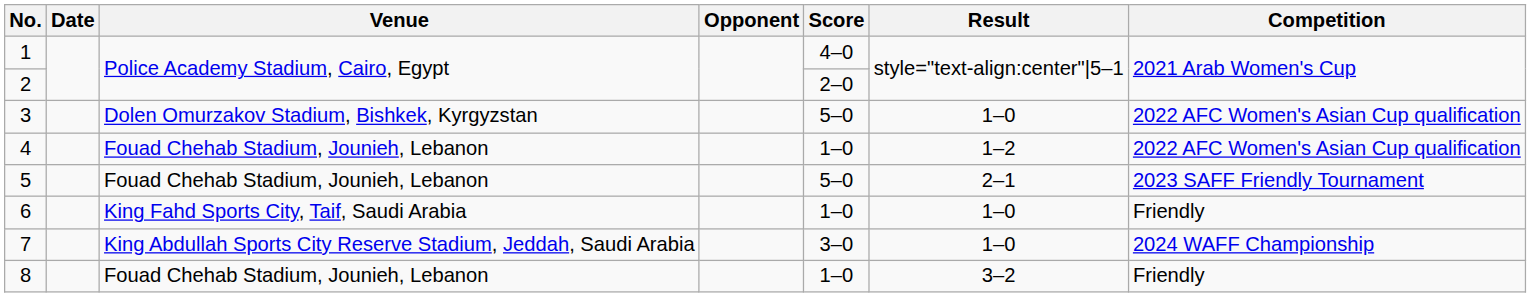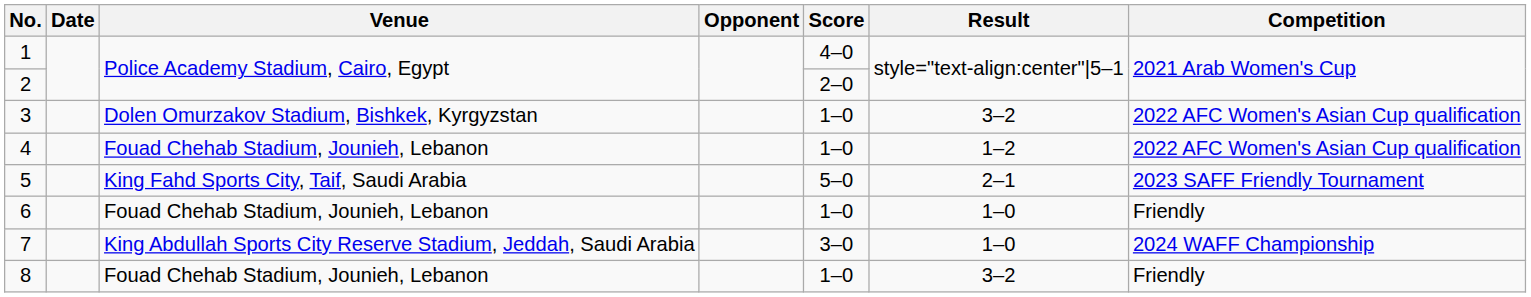 <table class="wikitable sortable">
 <tr>
 <th scope="col">No.</th>
 <th scope="col">Date</th>
 <th scope="col">Venue</th>
 <th scope="col">Opponent</th>
 <th scope="col">Score</th>
 <th scope="col">Result</th>
 <th scope="col">Competition</th>
 </tr>
 <tr>
 <td style="text-align:center">1</td>
 <td rowspan="2"></td>
 <td rowspan="2"><a href='#'>Police Academy Stadium</a>, <a href='#'>Cairo</a>, Egypt</td>
 <td rowspan="2"></td>
 <td style="text-align:center">4–0</td>
 <td rowspan="2">style="text-align:center"|5–1</td>
 <td rowspan="2"><a href='#'>2021 Arab Women's Cup</a></td>
 </tr>
 <tr>
 <td style="text-align:center">2</td>
 <td style="text-align:center">2–0</td>
 </tr>
 <tr>
 <td style="text-align:center">3</td>
 <td></td>
 <td><a href='#'>Dolen Omurzakov Stadium</a>, <a href='#'>Bishkek</a>, Kyrgyzstan</td>
 <td></td>
-<td style="text-align:center">5–0</td>
 <td style="text-align:center">1–0</td>
+<td style="text-align:center">3–2</td>
 <td><a href='#'>2022 AFC Women's Asian Cup qualification</a></td>
 </tr>
 <tr>
 <td style="text-align:center">4</td>
 <td></td>
 <td><a href='#'>Fouad Chehab Stadium</a>, <a href='#'>Jounieh</a>, Lebanon</td>
 <td></td>
 <td style="text-align:center">1–0</td>
 <td style="text-align:center">1–2</td>
 <td><a href='#'>2022 AFC Women's Asian Cup qualification</a></td>
 </tr>
 <tr>
 <td style="text-align:center">5</td>
 <td></td>
-<td>Fouad Chehab Stadium, Jounieh, Lebanon</td>
+<td><a href='#'>King Fahd Sports City</a>, <a href='#'>Taif</a>, Saudi Arabia</td>
 <td></td>
 <td style="text-align:center">5–0</td>
 <td style="text-align:center">2–1</td>
 <td><a href='#'>2023 SAFF Friendly Tournament</a></td>
 </tr>
 <tr>
 <td style="text-align:center">6</td>
 <td></td>
-<td><a href='#'>King Fahd Sports City</a>, <a href='#'>Taif</a>, Saudi Arabia</td>
+<td>Fouad Chehab Stadium, Jounieh, Lebanon</td>
 <td></td>
 <td style="text-align:center">1–0</td>
 <td style="text-align:center">1–0</td>
 <td>Friendly</td>
 </tr>
 <tr>
 <td style="text-align:center">7</td>
 <td></td>
 <td><a href='#'>King Abdullah Sports City Reserve Stadium</a>, <a href='#'>Jeddah</a>, Saudi Arabia</td>
 <td></td>
 <td style="text-align:center">3–0</td>
 <td style="text-align:center">1–0</td>
 <td><a href='#'>2024 WAFF Championship</a></td>
 </tr>
 <tr>
 <td style="text-align:center">8</td>
 <td></td>
 <td>Fouad Chehab Stadium, Jounieh, Lebanon</td>
 <td></td>
 <td style="text-align:center">1–0</td>
 <td style="text-align:center">3–2</td>
 <td>Friendly</td>
 </tr>
 </table>
